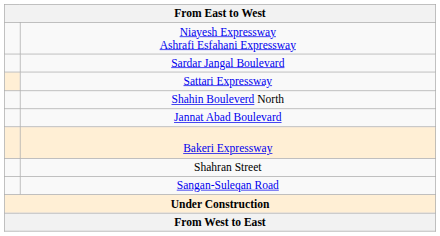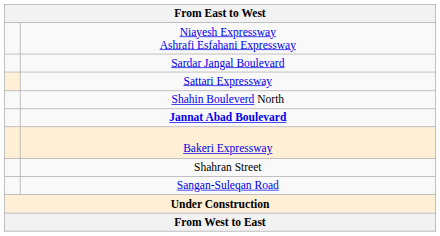 <table class="wikitable" style="text-align:center" width="600px">
 <tr>
 <th text-align="center" colspan="3"> From East to West </th>
 </tr>
 <tr>
 <td><br></td>
 <td> <a href='#'>Niayesh Expressway</a><br> <a href='#'>Ashrafi Esfahani Expressway</a></td>
 </tr>
 <tr>
 <td></td>
 <td> <a href='#'>Sardar Jangal Boulevard</a></td>
 </tr>
 <tr>
 <td align="center" bgcolor="#FFEFD5"><br></td>
 <td> <a href='#'>Sattari Expressway</a></td>
 </tr>
 <tr>
 <td></td>
 <td> <a href='#'>Shahin Bouleverd</a> North</td>
 </tr>
 <tr>
 <td></td>
-<td> <a href='#'>Jannat Abad Boulevard</a></td>
+<td><strong> <a href='#'>Jannat Abad Boulevard</a></strong></td>
 </tr>
 <tr>
 <td align="center" bgcolor="#FFEFD5"><br></td>
 <td align="center" bgcolor="#FFEFD5"><br> <a href='#'>Bakeri Expressway</a></td>
 </tr>
 <tr>
 <td></td>
 <td> Shahran Street</td>
 </tr>
 <tr>
 <td><br></td>
 <td> <a href='#'>Sangan-Suleqan Road</a></td>
 </tr>
 <tr>
 <td text-align="center" colspan="3" bgcolor="#FFEFD5"> <strong>Under Construction</strong> </td>
 </tr>
 <tr>
 <th text-align="center" colspan="3"> From West to East </th>
 </tr>
 </table>
